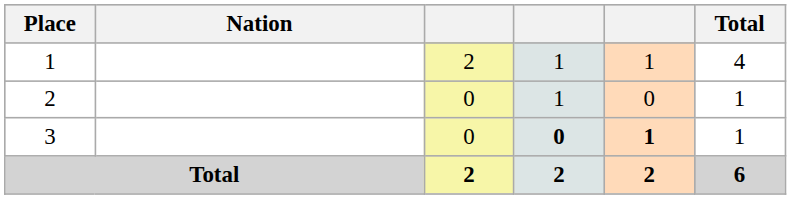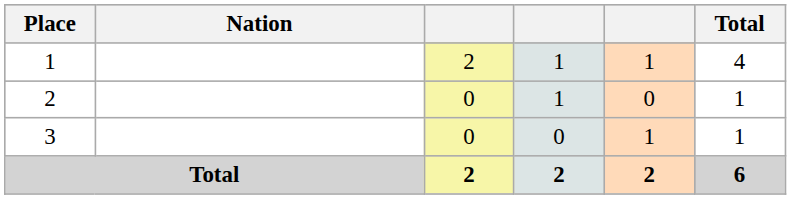 <table class=wikitable style="border:1px solid #AAAAAA;font-size:90%">
 <tr bgcolor="#EFEFEF">
 <th width=50>Place</th>
 <th width=200>Nation</th>
 <th width=50></th>
 <th width=50></th>
 <th width=50></th>
 <th width=50>Total</th>
 </tr>
 <tr align="center" valign="top" bgcolor="#FFFFFF">
 <td>1</td>
 <td align="left"></td>
 <td style="background:#F7F6A8;">2</td>
 <td style="background:#DCE5E5;">1</td>
 <td style="background:#FFDAB9;">1</td>
 <td>4</td>
 </tr>
 <tr align="center" valign="top" bgcolor="#FFFFFF">
 <td>2</td>
 <td align="left"></td>
 <td style="background:#F7F6A8;">0</td>
 <td style="background:#DCE5E5;">1</td>
 <td style="background:#FFDAB9;">0</td>
 <td>1</td>
 </tr>
 <tr align="center" valign="top" bgcolor="#FFFFFF">
 <td rowspan="1" valign="center">3</td>
 <td align="left"></td>
 <td style="background:#F7F6A8;">0</td>
-<td style="background:#DCE5E5;"><strong>0</strong></td>
-<td style="background:#FFDAB9;"><strong>1</strong></td>
+<td style="background:#DCE5E5;">0</td>
+<td style="background:#FFDAB9;">1</td>
 <td>1</td>
 </tr>
 <tr align="center">
 <td colspan="2" bgcolor=D3D3D3><strong>Total</strong></td>
 <td style="background:#F7F6A8;"><strong>2</strong></td>
 <td style="background:#DCE5E5;"><strong>2</strong></td>
 <td style="background:#FFDAB9;"><strong>2</strong></td>
 <td bgcolor=D3D3D3><strong>6</strong></td>
 </tr>
 </table>
